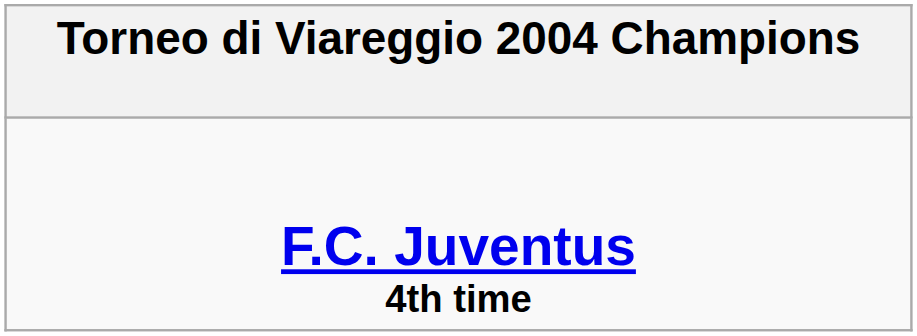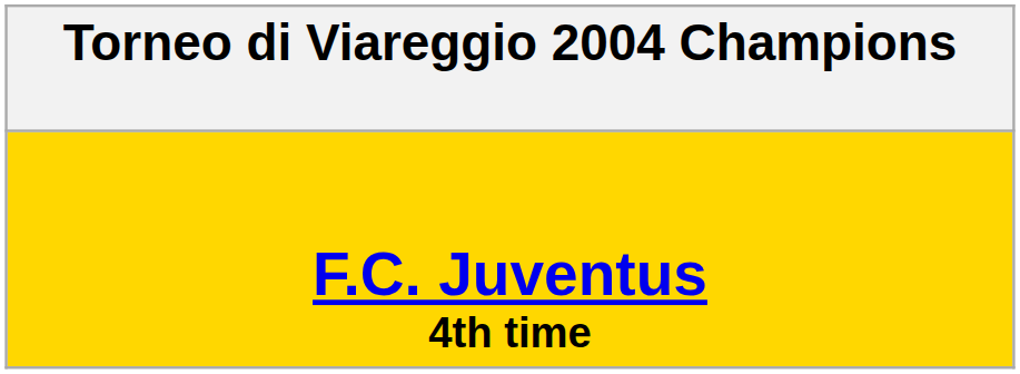 <table class="wikitable" style="margin: 0 auto; width: 30%;">
 <tr>
 <th><big>Torneo di Viareggio 2004 Champions</big><br><br></th>
 </tr>
 <tr>
-<td align=center><br><br><big><big><strong><a href='#'>F.C. Juventus</a></strong><br></big></big><strong>4th time</strong></td>
+<td align=center style="background: gold;"><br><br><big><big><strong><a href='#'>F.C. Juventus</a></strong><br></big></big><strong>4th time</strong></td>
 </tr>
 </table>
